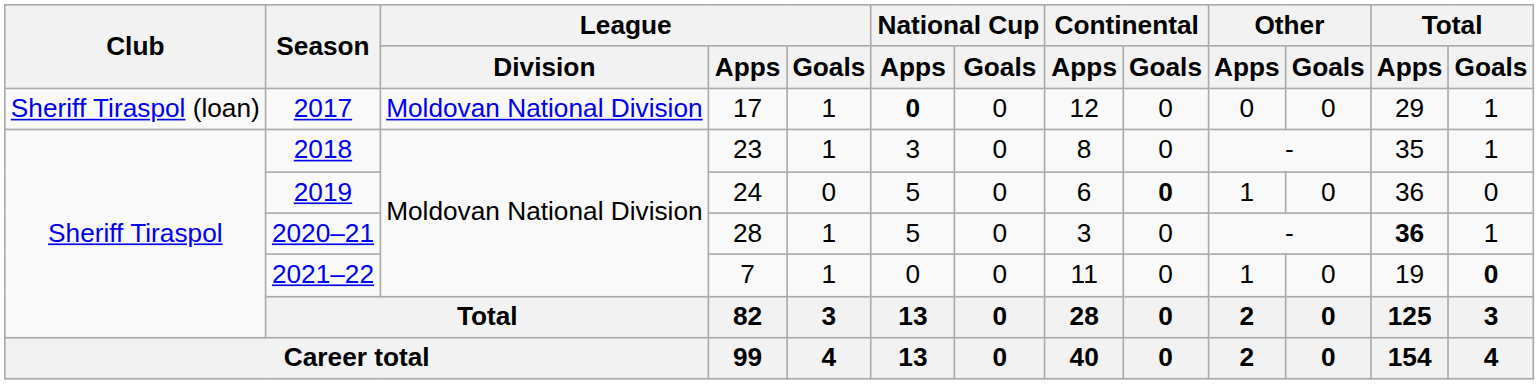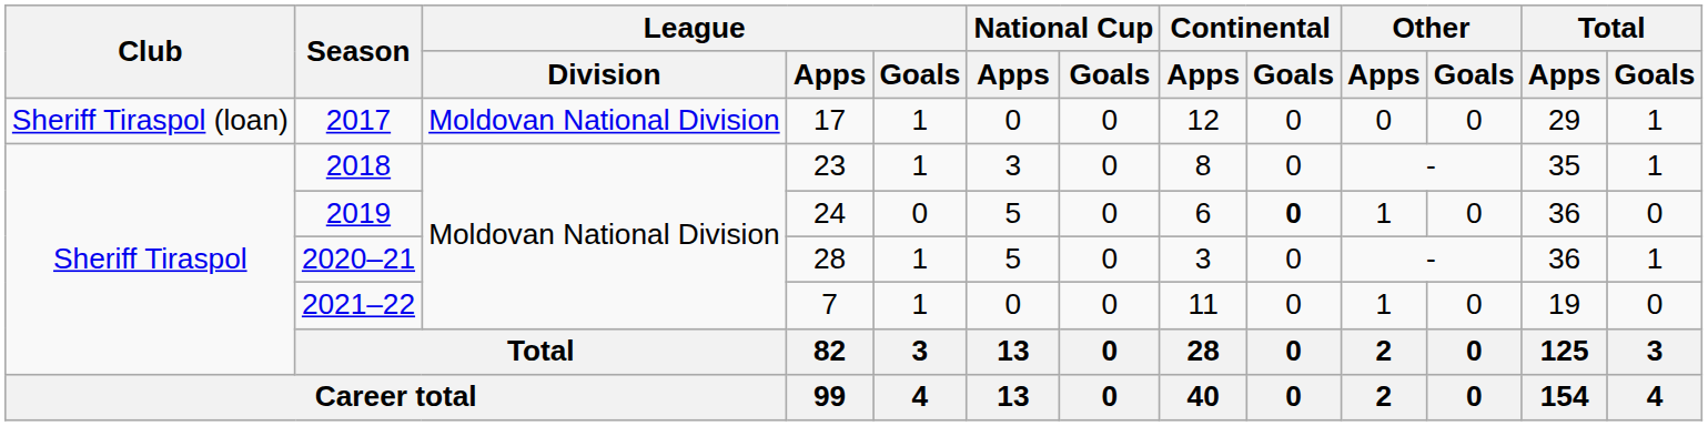 <table class="wikitable" style="text-align:center">
 <tr>
 <th rowspan="2">Club</th>
 <th rowspan="2">Season</th>
 <th colspan="3">League</th>
 <th colspan="2">National Cup</th>
 <th colspan="2">Continental</th>
 <th colspan="2">Other</th>
 <th colspan="2">Total</th>
 </tr>
 <tr>
 <th>Division</th>
 <th>Apps</th>
 <th>Goals</th>
 <th>Apps</th>
 <th>Goals</th>
 <th>Apps</th>
 <th>Goals</th>
 <th>Apps</th>
 <th>Goals</th>
 <th>Apps</th>
 <th>Goals</th>
 </tr>
 <tr>
 <td><a href='#'>Sheriff Tiraspol</a> (loan)</td>
 <td><a href='#'>2017</a></td>
 <td><a href='#'>Moldovan National Division</a></td>
 <td>17</td>
 <td>1</td>
-<td><strong>0</strong></td>
+<td>0</td>
 <td>0</td>
 <td>12</td>
 <td>0</td>
 <td>0</td>
 <td>0</td>
 <td>29</td>
 <td>1</td>
 </tr>
 <tr>
 <td rowspan="5"><a href='#'>Sheriff Tiraspol</a></td>
 <td><a href='#'>2018</a></td>
 <td rowspan="4">Moldovan National Division</td>
 <td>23</td>
 <td>1</td>
 <td>3</td>
 <td>0</td>
 <td>8</td>
 <td>0</td>
 <td colspan="2">-</td>
 <td>35</td>
 <td>1</td>
 </tr>
 <tr>
 <td><a href='#'>2019</a></td>
 <td>24</td>
 <td>0</td>
 <td>5</td>
 <td>0</td>
 <td>6</td>
 <td><strong>0</strong></td>
 <td>1</td>
 <td>0</td>
 <td>36</td>
 <td>0</td>
 </tr>
 <tr>
 <td><a href='#'>2020–21</a></td>
 <td>28</td>
 <td>1</td>
 <td>5</td>
 <td>0</td>
 <td>3</td>
 <td>0</td>
 <td colspan="2">-</td>
-<td><strong>36</strong></td>
+<td>36</td>
 <td>1</td>
 </tr>
 <tr>
 <td><a href='#'>2021–22</a></td>
 <td>7</td>
 <td>1</td>
 <td>0</td>
 <td>0</td>
 <td>11</td>
 <td>0</td>
 <td>1</td>
 <td>0</td>
 <td>19</td>
-<td><strong>0</strong></td>
+<td>0</td>
 </tr>
 <tr>
 <th colspan="2">Total</th>
 <th>82</th>
 <th>3</th>
 <th>13</th>
 <th>0</th>
 <th>28</th>
 <th>0</th>
 <th>2</th>
 <th>0</th>
 <th>125</th>
 <th>3</th>
 </tr>
 <tr>
 <th colspan="3">Career total</th>
 <th>99</th>
 <th>4</th>
 <th>13</th>
 <th>0</th>
 <th>40</th>
 <th>0</th>
 <th>2</th>
 <th>0</th>
 <th>154</th>
 <th>4</th>
 </tr>
 </table>
